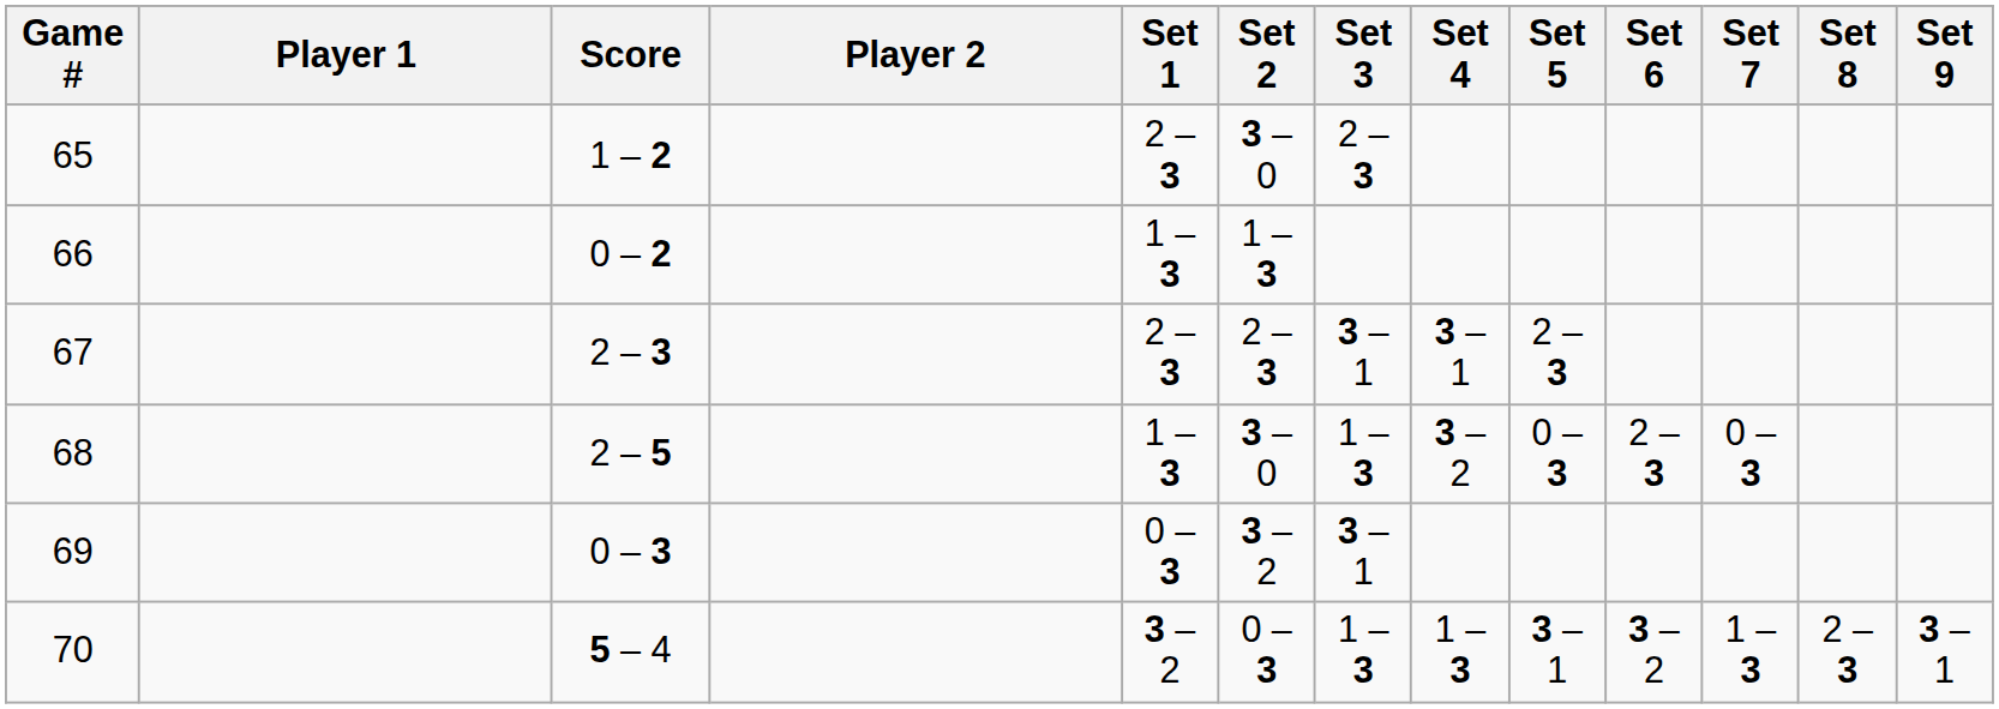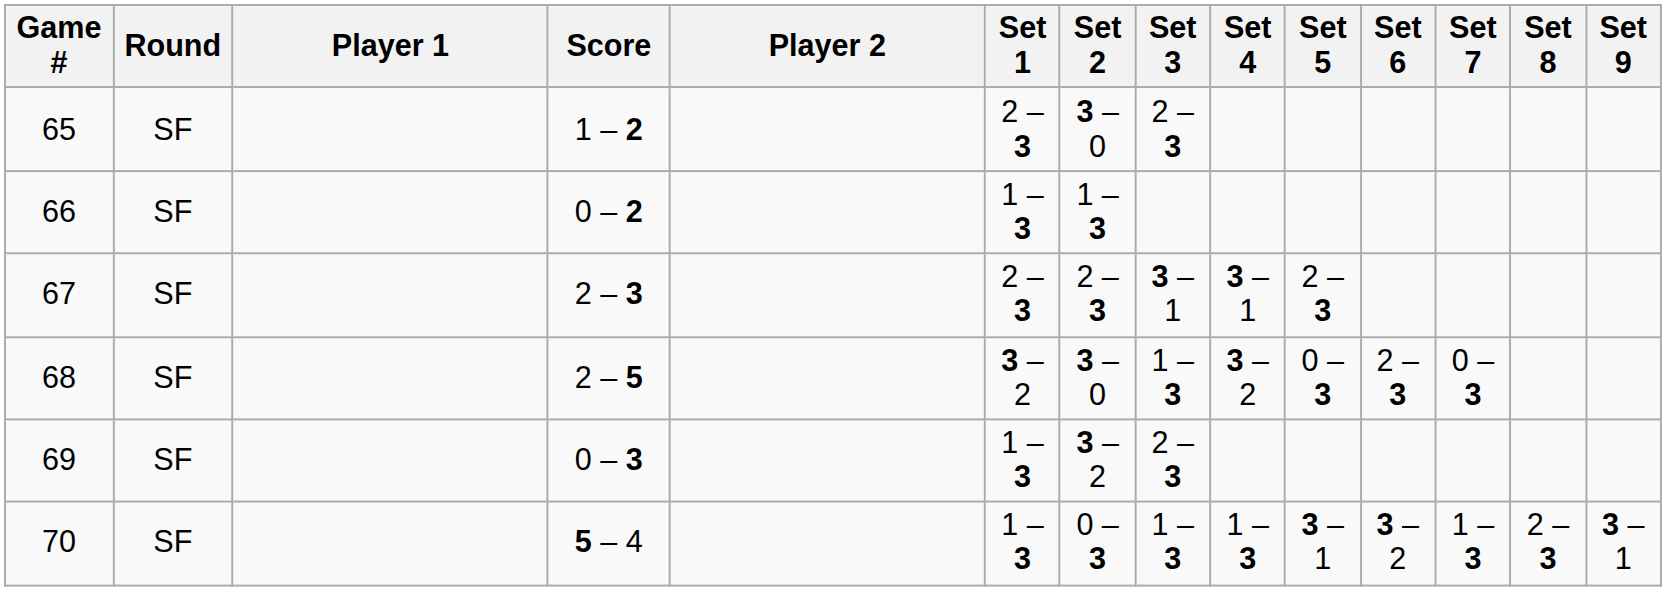 <table class="wikitable">
 <tr>
 <th width="2%">Game #</th>
+<th width="2%">Round</th>
 <th width="15%">Player 1</th>
 <th width="5%">Score</th>
 <th width="15%">Player 2</th>
 <th width="3%">Set 1</th>
 <th width="3%">Set 2</th>
 <th width="3%">Set 3</th>
 <th width="3%">Set 4</th>
 <th width="3%">Set 5</th>
 <th width="3%">Set 6</th>
 <th width="3%">Set 7</th>
 <th width="3%">Set 8</th>
 <th width="3%">Set 9</th>
 </tr>
 <tr style=text-align:center;"background:#;">
 <td>65</td>
+<td>SF</td>
 <td></td>
 <td>1 – <strong>2</strong></td>
 <td></td>
 <td>2 – <strong>3</strong></td>
 <td><strong>3</strong> – 0</td>
 <td>2 – <strong>3</strong></td>
 <td></td>
 <td></td>
 <td></td>
 <td></td>
 <td></td>
 <td></td>
 </tr>
 <tr style=text-align:center;"background:#;">
 <td>66</td>
+<td>SF</td>
 <td></td>
 <td>0 – <strong>2</strong></td>
 <td></td>
 <td>1 – <strong>3</strong></td>
 <td>1 – <strong>3</strong></td>
 <td></td>
 <td></td>
 <td></td>
 <td></td>
 <td></td>
 <td></td>
 <td></td>
 </tr>
 <tr style=text-align:center;"background:#;">
 <td>67</td>
+<td>SF</td>
 <td></td>
 <td>2 – <strong>3</strong></td>
 <td></td>
 <td>2 – <strong>3</strong></td>
 <td>2 – <strong>3</strong></td>
 <td><strong>3</strong> – 1</td>
 <td><strong>3</strong> – 1</td>
 <td>2 – <strong>3</strong></td>
 <td></td>
 <td></td>
 <td></td>
 <td></td>
 </tr>
 <tr style=text-align:center;"background:#;">
 <td>68</td>
+<td>SF</td>
 <td></td>
 <td>2 – <strong>5</strong></td>
 <td></td>
-<td>1 – <strong>3</strong></td>
+<td><strong>3</strong> – 2</td>
 <td><strong>3</strong> – 0</td>
 <td>1 – <strong>3</strong></td>
 <td><strong>3</strong> – 2</td>
 <td>0 – <strong>3</strong></td>
 <td>2 – <strong>3</strong></td>
 <td>0 – <strong>3</strong></td>
 <td></td>
 <td></td>
 </tr>
 <tr style=text-align:center;"background:#;">
 <td>69</td>
+<td>SF</td>
 <td></td>
 <td>0 – <strong>3</strong></td>
 <td></td>
-<td>0 – <strong>3</strong></td>
+<td>1 – <strong>3</strong></td>
 <td><strong>3</strong> – 2</td>
-<td><strong>3</strong> – 1</td>
+<td>2 – <strong>3</strong></td>
 <td></td>
 <td></td>
 <td></td>
 <td></td>
 <td></td>
 <td></td>
 </tr>
 <tr style=text-align:center;"background:#;">
 <td>70</td>
+<td>SF</td>
 <td></td>
 <td><strong>5</strong> – 4</td>
 <td></td>
-<td><strong>3</strong> – 2</td>
+<td>1 – <strong>3</strong></td>
 <td>0 – <strong>3</strong></td>
 <td>1 – <strong>3</strong></td>
 <td>1 – <strong>3</strong></td>
 <td><strong>3</strong> – 1</td>
 <td><strong>3</strong> – 2</td>
 <td>1 – <strong>3</strong></td>
 <td>2 – <strong>3</strong></td>
 <td><strong>3</strong> – 1</td>
 </tr>
 </table>
